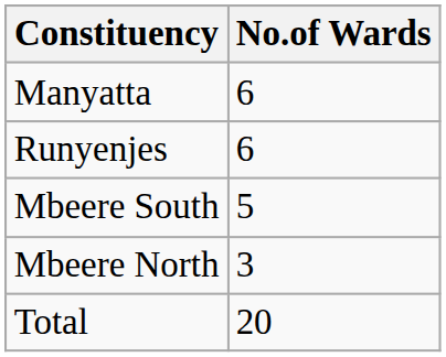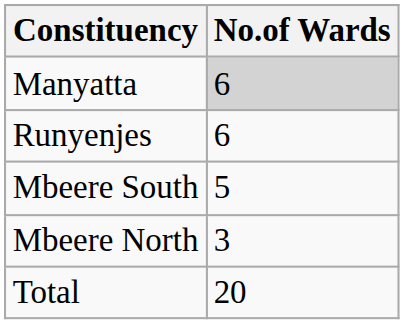 <table class="wikitable">
 <tr>
 <th>Constituency</th>
 <th>No.of Wards</th>
 </tr>
 <tr>
 <td>Manyatta</td>
-<td>6</td>
+<td style="background: lightgrey;">6</td>
 </tr>
 <tr>
 <td>Runyenjes</td>
 <td>6</td>
 </tr>
 <tr>
 <td>Mbeere South</td>
 <td>5</td>
 </tr>
 <tr>
 <td>Mbeere North</td>
 <td>3</td>
 </tr>
 <tr>
 <td>Total</td>
 <td>20</td>
 </tr>
 </table>
